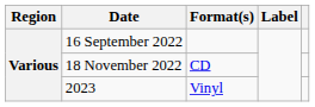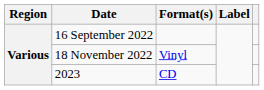 <table class="wikitable plainrowheaders">
 <tr>
 <th scope="col">Region</th>
 <th scope="col">Date</th>
 <th scope="col">Format(s)</th>
 <th scope="col">Label</th>
 <th scope="col"></th>
 </tr>
 <tr>
 <th rowspan="3" scope="row">Various</th>
 <td>16 September 2022</td>
 <td></td>
 <td rowspan="3"></td>
 <td align="center"></td>
 </tr>
 <tr>
 <td>18 November 2022</td>
-<td><a href='#'>CD</a></td>
+<td><a href='#'>Vinyl</a></td>
 <td align="center"></td>
 </tr>
 <tr>
 <td>2023</td>
-<td><a href='#'>Vinyl</a></td>
+<td><a href='#'>CD</a></td>
 <td align="center"></td>
 </tr>
 </table>
